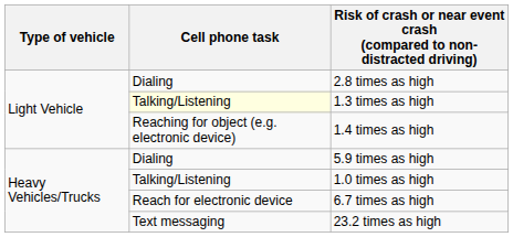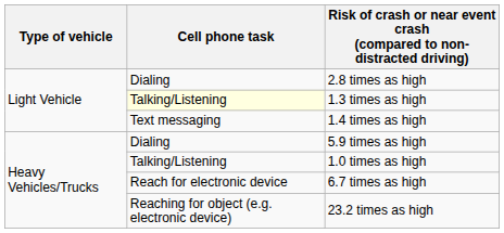 <table class="wikitable">
 <tr>
 <th>Type of vehicle</th>
 <th>Cell phone task</th>
 <th>Risk of crash or near event crash<br>(compared to non-distracted driving)</th>
 </tr>
 <tr>
 <td rowspan=3>Light Vehicle</td>
 <td>Dialing</td>
 <td>2.8 times as high</td>
 </tr>
 <tr>
 <td style="background: lightyellow;">Talking/Listening</td>
 <td>1.3 times as high</td>
 </tr>
 <tr>
-<td>Reaching for object (e.g. electronic device)</td>
+<td>Text messaging</td>
 <td>1.4 times as high</td>
 </tr>
 <tr>
 <td rowspan=4>Heavy Vehicles/Trucks</td>
 <td>Dialing</td>
 <td>5.9 times as high</td>
 </tr>
 <tr>
 <td>Talking/Listening</td>
 <td>1.0 times as high</td>
 </tr>
 <tr>
 <td>Reach for electronic device</td>
 <td>6.7 times as high</td>
 </tr>
 <tr>
-<td>Text messaging</td>
+<td>Reaching for object (e.g. electronic device)</td>
 <td>23.2 times as high</td>
 </tr>
 </table>
